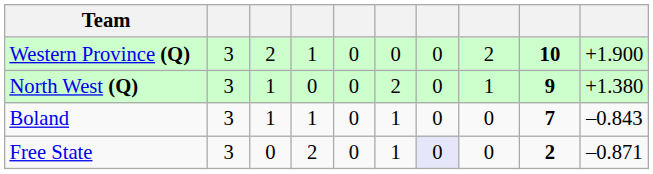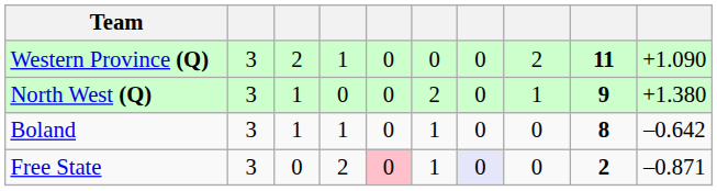 <table class="wikitable" style="text-align:center">
 <tr>
 <th width="150">Team</th>
 <th width="25"></th>
 <th width="25"></th>
 <th width="25"></th>
 <th width="25"></th>
 <th width="25"></th>
 <th width="25"></th>
 <th width="40"></th>
 <th width="40"></th>
 <th width="45"></th>
 </tr>
 <tr style="background:#cfc">
 <td style="text-align:left"><a href='#'>Western Province</a> <strong>(Q)</strong></td>
 <td>3</td>
 <td>2</td>
 <td>1</td>
 <td>0</td>
 <td>0</td>
 <td>0</td>
 <td>2</td>
-<td><strong>10</strong></td>
-<td>+1.900</td>
+<td><strong>11</strong></td>
+<td>+1.090</td>
 </tr>
 <tr style="background:#cfc">
 <td style="text-align:left"><a href='#'>North West</a> <strong>(Q)</strong></td>
 <td>3</td>
 <td>1</td>
 <td>0</td>
 <td>0</td>
 <td>2</td>
 <td>0</td>
 <td>1</td>
 <td><strong>9</strong></td>
 <td>+1.380</td>
 </tr>
 <tr>
 <td style="text-align:left"><a href='#'>Boland</a></td>
 <td>3</td>
 <td>1</td>
 <td>1</td>
 <td>0</td>
 <td>1</td>
 <td>0</td>
 <td>0</td>
-<td><strong>7</strong></td>
-<td>–0.843</td>
+<td><strong>8</strong></td>
+<td>–0.642</td>
 </tr>
 <tr>
 <td style="text-align:left"><a href='#'>Free State</a></td>
 <td>3</td>
 <td>0</td>
 <td>2</td>
-<td>0</td>
+<td style="background: pink;">0</td>
 <td>1</td>
 <td style="background: lavender;">0</td>
 <td>0</td>
 <td><strong>2</strong></td>
 <td>–0.871</td>
 </tr>
 </table>
